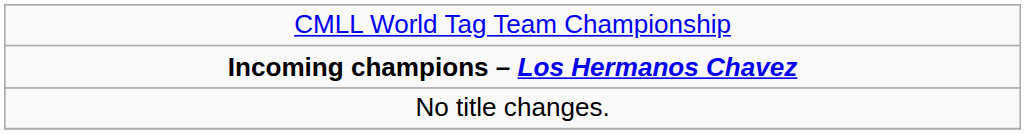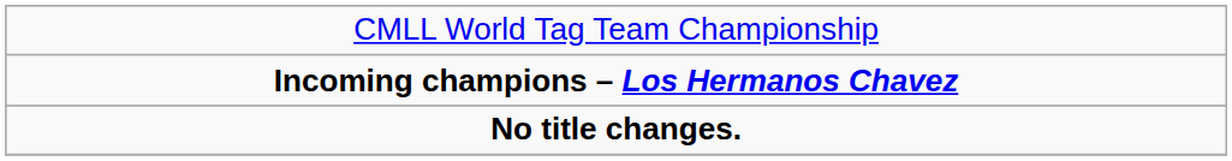 <table class="wikitable" style="text-align:center; width:100%;">
 <tr>
 <td colspan="4" style="text-align: center;"><a href='#'>CMLL World Tag Team Championship</a></td>
 </tr>
 <tr>
 <td colspan="4" style="text-align: center;"><strong>Incoming champions – <em><a href='#'>Los Hermanos Chavez</a></em> </strong></td>
 </tr>
 <tr>
-<td>No title changes.</td>
+<td><strong>No title changes.</strong></td>
 </tr>
 <tr>
 </tr>
 </table>
